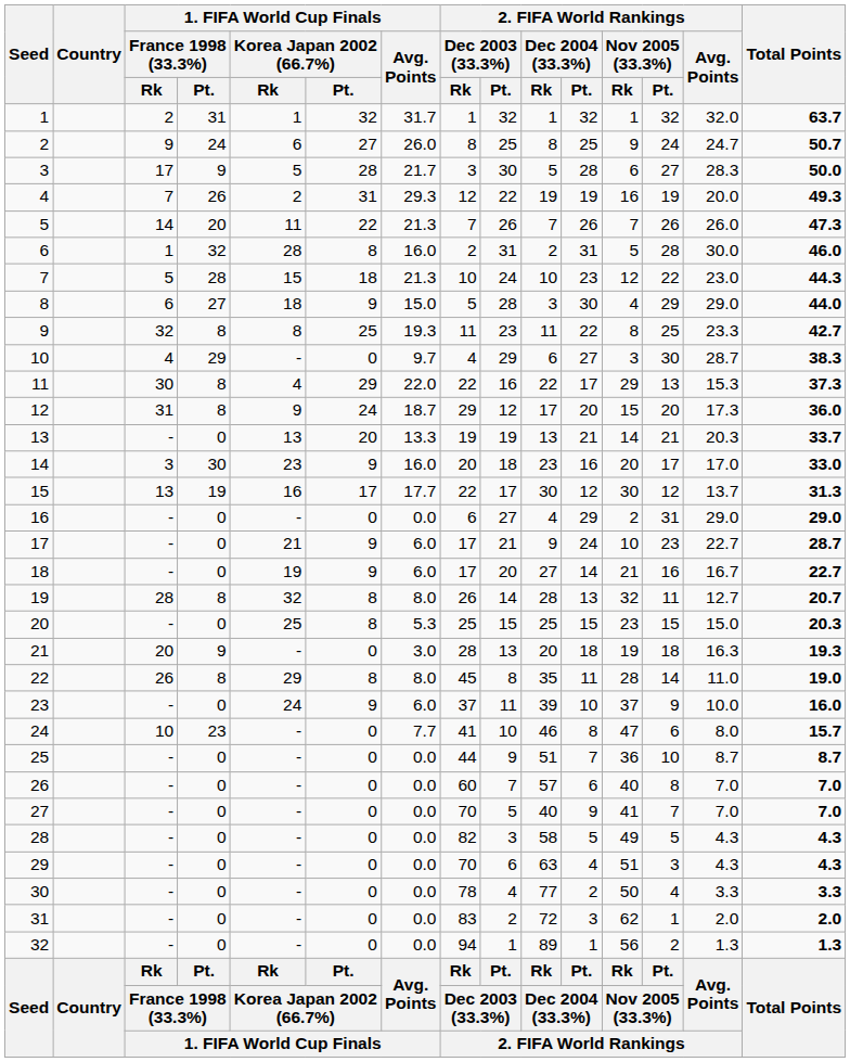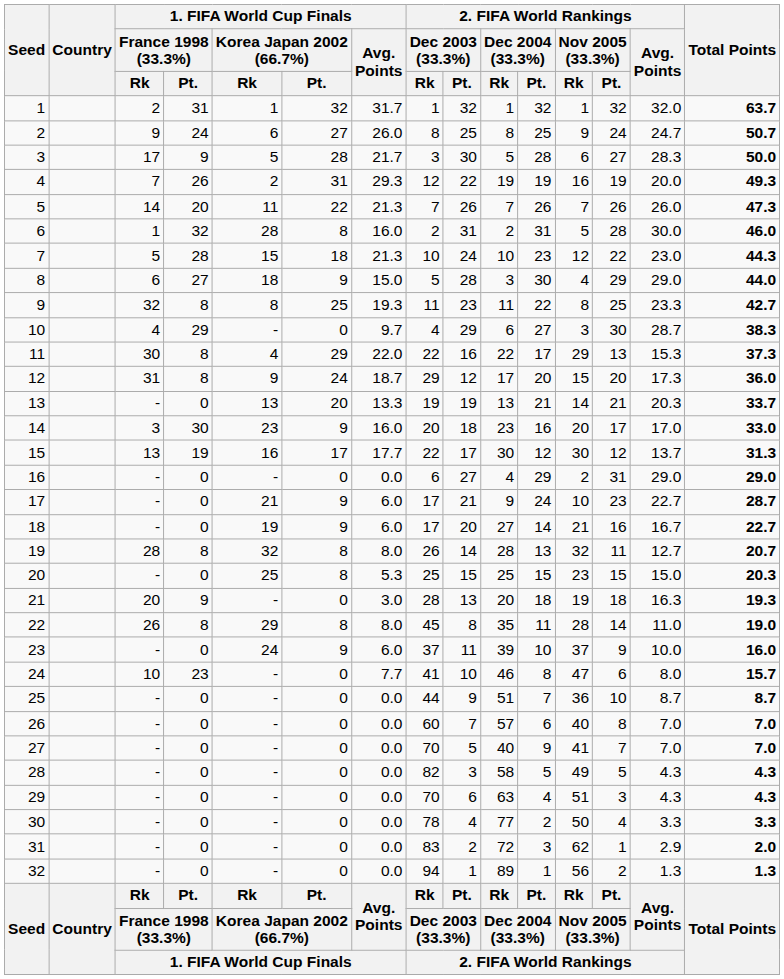 <table class="wikitable sortable" style="text-align:right">
 <tr>
 <th rowspan="3">Seed</th>
 <th rowspan="3">Country</th>
 <th colspan="5">1. FIFA World Cup Finals</th>
 <th colspan="7">2. FIFA World Rankings</th>
 <th rowspan="3">Total Points</th>
 </tr>
 <tr>
 <th colspan="2">France 1998<br>(33.3%)</th>
 <th colspan="2">Korea Japan 2002<br>(66.7%)</th>
 <th rowspan="2">Avg.<br>Points</th>
 <th colspan="2">Dec 2003<br>(33.3%)</th>
 <th colspan="2">Dec 2004<br>(33.3%)</th>
 <th colspan="2">Nov 2005<br>(33.3%)</th>
 <th rowspan="2">Avg.<br>Points</th>
 </tr>
 <tr>
 <th>Rk</th>
 <th>Pt.</th>
 <th>Rk</th>
 <th>Pt.</th>
 <th>Rk</th>
 <th>Pt.</th>
 <th>Rk</th>
 <th>Pt.</th>
 <th>Rk</th>
 <th>Pt.</th>
 </tr>
 <tr>
 <td>1</td>
 <td style="text-align:left"></td>
 <td>2</td>
 <td>31</td>
 <td>1</td>
 <td>32</td>
 <td>31.7</td>
 <td>1</td>
 <td>32</td>
 <td>1</td>
 <td>32</td>
 <td>1</td>
 <td>32</td>
 <td>32.0</td>
 <td><strong>63.7</strong></td>
 </tr>
 <tr>
 <td>2</td>
 <td style="text-align:left"></td>
 <td>9</td>
 <td>24</td>
 <td>6</td>
 <td>27</td>
 <td>26.0</td>
 <td>8</td>
 <td>25</td>
 <td>8</td>
 <td>25</td>
 <td>9</td>
 <td>24</td>
 <td>24.7</td>
 <td><strong>50.7</strong></td>
 </tr>
 <tr>
 <td>3</td>
 <td style="text-align:left"></td>
 <td>17</td>
 <td>9</td>
 <td>5</td>
 <td>28</td>
 <td>21.7</td>
 <td>3</td>
 <td>30</td>
 <td>5</td>
 <td>28</td>
 <td>6</td>
 <td>27</td>
 <td>28.3</td>
 <td><strong>50.0</strong></td>
 </tr>
 <tr>
 <td>4</td>
 <td style="text-align:left"></td>
 <td>7</td>
 <td>26</td>
 <td>2</td>
 <td>31</td>
 <td>29.3</td>
 <td>12</td>
 <td>22</td>
 <td>19</td>
 <td>19</td>
 <td>16</td>
 <td>19</td>
 <td>20.0</td>
 <td><strong>49.3</strong></td>
 </tr>
 <tr>
 <td>5</td>
 <td style="text-align:left"></td>
 <td>14</td>
 <td>20</td>
 <td>11</td>
 <td>22</td>
 <td>21.3</td>
 <td>7</td>
 <td>26</td>
 <td>7</td>
 <td>26</td>
 <td>7</td>
 <td>26</td>
 <td>26.0</td>
 <td><strong>47.3</strong></td>
 </tr>
 <tr>
 <td>6</td>
 <td style="text-align:left"></td>
 <td>1</td>
 <td>32</td>
 <td>28</td>
 <td>8</td>
 <td>16.0</td>
 <td>2</td>
 <td>31</td>
 <td>2</td>
 <td>31</td>
 <td>5</td>
 <td>28</td>
 <td>30.0</td>
 <td><strong>46.0</strong></td>
 </tr>
 <tr>
 <td>7</td>
 <td style="text-align:left"></td>
 <td>5</td>
 <td>28</td>
 <td>15</td>
 <td>18</td>
 <td>21.3</td>
 <td>10</td>
 <td>24</td>
 <td>10</td>
 <td>23</td>
 <td>12</td>
 <td>22</td>
 <td>23.0</td>
 <td><strong>44.3</strong></td>
 </tr>
 <tr>
 <td>8</td>
 <td style="text-align:left"></td>
 <td>6</td>
 <td>27</td>
 <td>18</td>
 <td>9</td>
 <td>15.0</td>
 <td>5</td>
 <td>28</td>
 <td>3</td>
 <td>30</td>
 <td>4</td>
 <td>29</td>
 <td>29.0</td>
 <td><strong>44.0</strong></td>
 </tr>
 <tr>
 <td>9</td>
 <td style="text-align:left"></td>
 <td>32</td>
 <td>8</td>
 <td>8</td>
 <td>25</td>
 <td>19.3</td>
 <td>11</td>
 <td>23</td>
 <td>11</td>
 <td>22</td>
 <td>8</td>
 <td>25</td>
 <td>23.3</td>
 <td><strong>42.7</strong></td>
 </tr>
 <tr>
 <td>10</td>
 <td style="text-align:left"></td>
 <td>4</td>
 <td>29</td>
 <td>-</td>
 <td>0</td>
 <td>9.7</td>
 <td>4</td>
 <td>29</td>
 <td>6</td>
 <td>27</td>
 <td>3</td>
 <td>30</td>
 <td>28.7</td>
 <td><strong>38.3</strong></td>
 </tr>
 <tr>
 <td>11</td>
 <td style="text-align:left"></td>
 <td>30</td>
 <td>8</td>
 <td>4</td>
 <td>29</td>
 <td>22.0</td>
 <td>22</td>
 <td>16</td>
 <td>22</td>
 <td>17</td>
 <td>29</td>
 <td>13</td>
 <td>15.3</td>
 <td><strong>37.3</strong></td>
 </tr>
 <tr>
 <td>12</td>
 <td style="text-align:left"></td>
 <td>31</td>
 <td>8</td>
 <td>9</td>
 <td>24</td>
 <td>18.7</td>
 <td>29</td>
 <td>12</td>
 <td>17</td>
 <td>20</td>
 <td>15</td>
 <td>20</td>
 <td>17.3</td>
 <td><strong>36.0</strong></td>
 </tr>
 <tr>
 <td>13</td>
 <td style="text-align:left"></td>
 <td>-</td>
 <td>0</td>
 <td>13</td>
 <td>20</td>
 <td>13.3</td>
 <td>19</td>
 <td>19</td>
 <td>13</td>
 <td>21</td>
 <td>14</td>
 <td>21</td>
 <td>20.3</td>
 <td><strong>33.7</strong></td>
 </tr>
 <tr>
 <td>14</td>
 <td style="text-align:left"></td>
 <td>3</td>
 <td>30</td>
 <td>23</td>
 <td>9</td>
 <td>16.0</td>
 <td>20</td>
 <td>18</td>
 <td>23</td>
 <td>16</td>
 <td>20</td>
 <td>17</td>
 <td>17.0</td>
 <td><strong>33.0</strong></td>
 </tr>
 <tr>
 <td>15</td>
 <td style="text-align:left"></td>
 <td>13</td>
 <td>19</td>
 <td>16</td>
 <td>17</td>
 <td>17.7</td>
 <td>22</td>
 <td>17</td>
 <td>30</td>
 <td>12</td>
 <td>30</td>
 <td>12</td>
 <td>13.7</td>
 <td><strong>31.3</strong></td>
 </tr>
 <tr>
 <td>16</td>
 <td style="text-align:left"></td>
 <td>-</td>
 <td>0</td>
 <td>-</td>
 <td>0</td>
 <td>0.0</td>
 <td>6</td>
 <td>27</td>
 <td>4</td>
 <td>29</td>
 <td>2</td>
 <td>31</td>
 <td>29.0</td>
 <td><strong>29.0</strong></td>
 </tr>
 <tr>
 <td>17</td>
 <td style="text-align:left"></td>
 <td>-</td>
 <td>0</td>
 <td>21</td>
 <td>9</td>
 <td>6.0</td>
 <td>17</td>
 <td>21</td>
 <td>9</td>
 <td>24</td>
 <td>10</td>
 <td>23</td>
 <td>22.7</td>
 <td><strong>28.7</strong></td>
 </tr>
 <tr>
 <td>18</td>
 <td style="text-align:left"></td>
 <td>-</td>
 <td>0</td>
 <td>19</td>
 <td>9</td>
 <td>6.0</td>
 <td>17</td>
 <td>20</td>
 <td>27</td>
 <td>14</td>
 <td>21</td>
 <td>16</td>
 <td>16.7</td>
 <td><strong>22.7</strong></td>
 </tr>
 <tr>
 <td>19</td>
 <td style="text-align:left"></td>
 <td>28</td>
 <td>8</td>
 <td>32</td>
 <td>8</td>
 <td>8.0</td>
 <td>26</td>
 <td>14</td>
 <td>28</td>
 <td>13</td>
 <td>32</td>
 <td>11</td>
 <td>12.7</td>
 <td><strong>20.7</strong></td>
 </tr>
 <tr>
 <td>20</td>
 <td style="text-align:left"></td>
 <td>-</td>
 <td>0</td>
 <td>25</td>
 <td>8</td>
 <td>5.3</td>
 <td>25</td>
 <td>15</td>
 <td>25</td>
 <td>15</td>
 <td>23</td>
 <td>15</td>
 <td>15.0</td>
 <td><strong>20.3</strong></td>
 </tr>
 <tr>
 <td>21</td>
 <td style="text-align:left"></td>
 <td>20</td>
 <td>9</td>
 <td>-</td>
 <td>0</td>
 <td>3.0</td>
 <td>28</td>
 <td>13</td>
 <td>20</td>
 <td>18</td>
 <td>19</td>
 <td>18</td>
 <td>16.3</td>
 <td><strong>19.3</strong></td>
 </tr>
 <tr>
 <td>22</td>
 <td style="text-align:left"></td>
 <td>26</td>
 <td>8</td>
 <td>29</td>
 <td>8</td>
 <td>8.0</td>
 <td>45</td>
 <td>8</td>
 <td>35</td>
 <td>11</td>
 <td>28</td>
 <td>14</td>
 <td>11.0</td>
 <td><strong>19.0</strong></td>
 </tr>
 <tr>
 <td>23</td>
 <td style="text-align:left"></td>
 <td>-</td>
 <td>0</td>
 <td>24</td>
 <td>9</td>
 <td>6.0</td>
 <td>37</td>
 <td>11</td>
 <td>39</td>
 <td>10</td>
 <td>37</td>
 <td>9</td>
 <td>10.0</td>
 <td><strong>16.0</strong></td>
 </tr>
 <tr>
 <td>24</td>
 <td style="text-align:left"></td>
 <td>10</td>
 <td>23</td>
 <td>-</td>
 <td>0</td>
 <td>7.7</td>
 <td>41</td>
 <td>10</td>
 <td>46</td>
 <td>8</td>
 <td>47</td>
 <td>6</td>
 <td>8.0</td>
 <td><strong>15.7</strong></td>
 </tr>
 <tr>
 <td>25</td>
 <td style="text-align:left"></td>
 <td>-</td>
 <td>0</td>
 <td>-</td>
 <td>0</td>
 <td>0.0</td>
 <td>44</td>
 <td>9</td>
 <td>51</td>
 <td>7</td>
 <td>36</td>
 <td>10</td>
 <td>8.7</td>
 <td><strong>8.7</strong></td>
 </tr>
 <tr>
 <td>26</td>
 <td style="text-align:left"></td>
 <td>-</td>
 <td>0</td>
 <td>-</td>
 <td>0</td>
 <td>0.0</td>
 <td>60</td>
 <td>7</td>
 <td>57</td>
 <td>6</td>
 <td>40</td>
 <td>8</td>
 <td>7.0</td>
 <td><strong>7.0</strong></td>
 </tr>
 <tr>
 <td>27</td>
 <td style="text-align:left"></td>
 <td>-</td>
 <td>0</td>
 <td>-</td>
 <td>0</td>
 <td>0.0</td>
 <td>70</td>
 <td>5</td>
 <td>40</td>
 <td>9</td>
 <td>41</td>
 <td>7</td>
 <td>7.0</td>
 <td><strong>7.0</strong></td>
 </tr>
 <tr>
 <td>28</td>
 <td style="text-align:left"></td>
 <td>-</td>
 <td>0</td>
 <td>-</td>
 <td>0</td>
 <td>0.0</td>
 <td>82</td>
 <td>3</td>
 <td>58</td>
 <td>5</td>
 <td>49</td>
 <td>5</td>
 <td>4.3</td>
 <td><strong>4.3</strong></td>
 </tr>
 <tr>
 <td>29</td>
 <td style="text-align:left"></td>
 <td>-</td>
 <td>0</td>
 <td>-</td>
 <td>0</td>
 <td>0.0</td>
 <td>70</td>
 <td>6</td>
 <td>63</td>
 <td>4</td>
 <td>51</td>
 <td>3</td>
 <td>4.3</td>
 <td><strong>4.3</strong></td>
 </tr>
 <tr>
 <td>30</td>
 <td style="text-align:left"></td>
 <td>-</td>
 <td>0</td>
 <td>-</td>
 <td>0</td>
 <td>0.0</td>
 <td>78</td>
 <td>4</td>
 <td>77</td>
 <td>2</td>
 <td>50</td>
 <td>4</td>
 <td>3.3</td>
 <td><strong>3.3</strong></td>
 </tr>
 <tr>
 <td>31</td>
 <td style="text-align:left"></td>
 <td>-</td>
 <td>0</td>
 <td>-</td>
 <td>0</td>
 <td>0.0</td>
 <td>83</td>
 <td>2</td>
 <td>72</td>
 <td>3</td>
 <td>62</td>
 <td>1</td>
-<td>2.0</td>
+<td>2.9</td>
 <td><strong>2.0</strong></td>
 </tr>
 <tr>
 <td>32</td>
 <td style="text-align:left"></td>
 <td>-</td>
 <td>0</td>
 <td>-</td>
 <td>0</td>
 <td>0.0</td>
 <td>94</td>
 <td>1</td>
 <td>89</td>
 <td>1</td>
 <td>56</td>
 <td>2</td>
 <td>1.3</td>
 <td><strong>1.3</strong></td>
 </tr>
 <tr>
 <th rowspan="3">Seed</th>
 <th rowspan="3">Country</th>
 <th>Rk</th>
 <th>Pt.</th>
 <th>Rk</th>
 <th>Pt.</th>
 <th rowspan="2">Avg.<br>Points</th>
 <th>Rk</th>
 <th>Pt.</th>
 <th>Rk</th>
 <th>Pt.</th>
 <th>Rk</th>
 <th>Pt.</th>
 <th rowspan="2">Avg.<br>Points</th>
 <th rowspan="3">Total Points</th>
 </tr>
 <tr>
 <th colspan="2">France 1998<br>(33.3%)</th>
 <th colspan="2">Korea Japan 2002<br>(66.7%)</th>
 <th colspan="2">Dec 2003<br>(33.3%)</th>
 <th colspan="2">Dec 2004<br>(33.3%)</th>
 <th colspan="2">Nov 2005<br>(33.3%)</th>
 </tr>
 <tr>
 <th colspan="5">1. FIFA World Cup Finals</th>
 <th colspan="7">2. FIFA World Rankings</th>
 </tr>
 <tr>
 </tr>
 </table>
